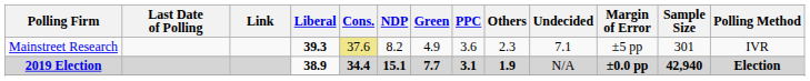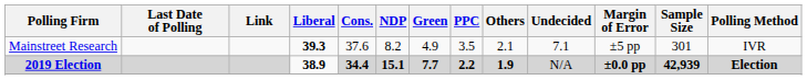 <table class="wikitable sortable" style="text-align:center;font-size:90%;line-height:14px;">
 <tr style="background:#e9e9e9;">
 <th style="width:120px">Polling Firm</th>
 <th style="width:110px">Last Date<br>of Polling</th>
 <th style="width:60px" class="unsortable">Link</th>
 <th style="background-color:"><a href='#'>Liberal</a></th>
 <th style="background-color:"><a href='#'>Cons.</a></th>
 <th style="background-color:"><a href='#'>NDP</a></th>
 <th style="background-color:"><a href='#'>Green</a></th>
 <th style="background-color:"><a href='#'><span>PPC</span></a></th>
 <th style="background-color:">Others</th>
 <th style="background-color:">Undecided</th>
 <th style="width:60px;" class=unsortable>Margin<br>of Error</th>
 <th style="width:50px;" class=unsortable>Sample<br>Size</th>
 <th class=unsortable>Polling Method</th>
 </tr>
 <tr>
 <td><a href='#'>Mainstreet Research</a></td>
 <td></td>
 <td></td>
 <td><strong>39.3</strong></td>
-<td style="background: khaki;">37.6</td>
+<td>37.6</td>
 <td>8.2</td>
 <td>4.9</td>
-<td>3.6</td>
-<td>2.3</td>
+<td>3.5</td>
+<td>2.1</td>
 <td>7.1</td>
 <td>±5 pp</td>
 <td>301</td>
 <td>IVR</td>
 </tr>
 <tr>
 <td style="background:#D5D5D5"><strong><a href='#'>2019 Election</a></strong></td>
 <td style="background:#D5D5D5"><strong></strong></td>
 <td style="background:#D5D5D5"></td>
 <td><strong>38.9</strong></td>
 <td style="background:#D5D5D5"><strong>34.4</strong></td>
 <td style="background:#D5D5D5"><strong>15.1</strong></td>
 <td style="background:#D5D5D5"><strong>7.7</strong></td>
-<td style="background:#D5D5D5"><strong>3.1</strong></td>
+<td style="background:#D5D5D5"><strong>2.2</strong></td>
 <td style="background:#D5D5D5"><strong>1.9</strong></td>
 <td style="background:#D5D5D5">N/A</td>
 <td style="background:#D5D5D5"><strong>±0.0 pp</strong></td>
-<td style="background:#D5D5D5"><strong>42,940</strong></td>
+<td style="background:#D5D5D5"><strong>42,939</strong></td>
 <td style="background:#D5D5D5"><strong>Election</strong></td>
 </tr>
 <tr>
 </tr>
 <tr>
 </tr>
 </table>
